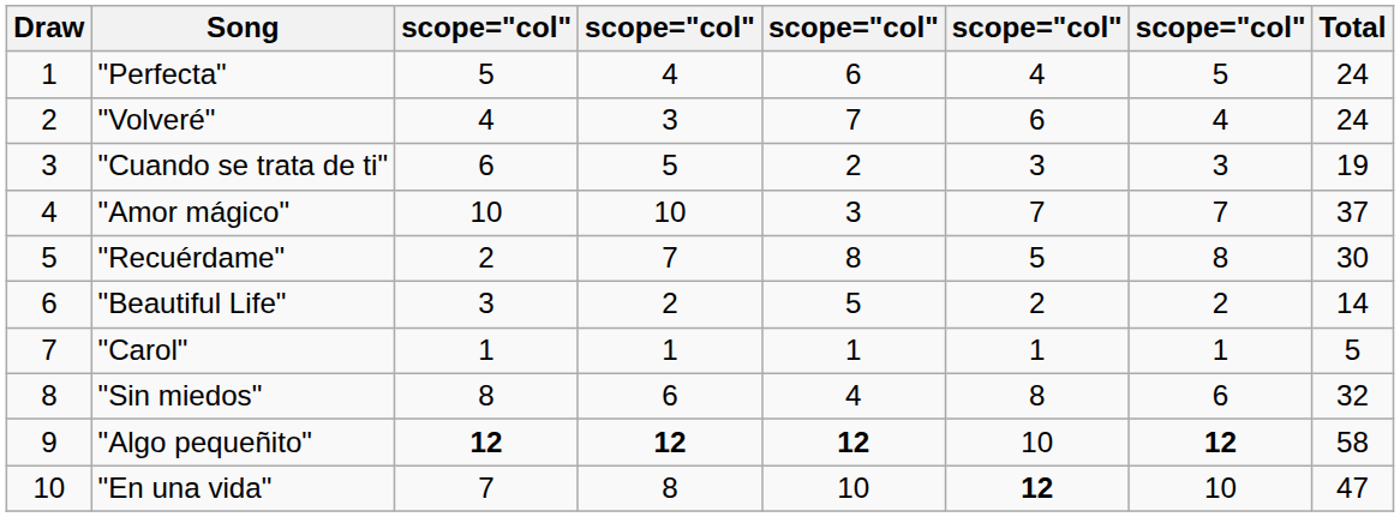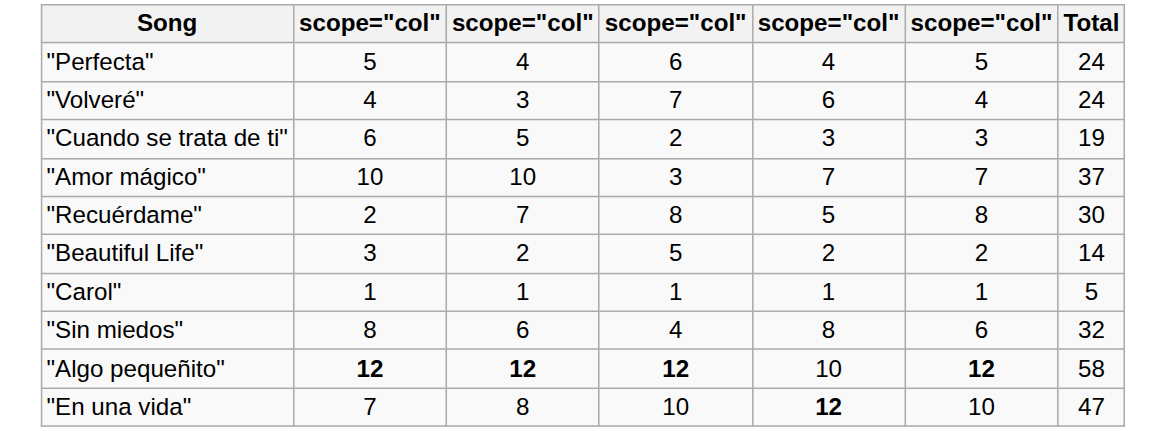 <table class="wikitable plainrowheaders" style="margin: 1em auto 1em auto; text-align:center;">
 <tr>
-<th>Draw</th>
 <th>Song</th>
 <th>scope="col" </th>
 <th>scope="col" </th>
 <th>scope="col" </th>
 <th>scope="col" </th>
 <th>scope="col" </th>
 <th>Total</th>
 </tr>
 <tr>
-<td>1</td>
 <td align="left">"Perfecta"</td>
 <td>5</td>
 <td>4</td>
 <td>6</td>
 <td>4</td>
 <td>5</td>
 <td>24</td>
 </tr>
 <tr>
-<td>2</td>
 <td align="left">"Volveré"</td>
 <td>4</td>
 <td>3</td>
 <td>7</td>
 <td>6</td>
 <td>4</td>
 <td>24</td>
 </tr>
 <tr>
-<td>3</td>
 <td align="left">"Cuando se trata de ti"</td>
 <td>6</td>
 <td>5</td>
 <td>2</td>
 <td>3</td>
 <td>3</td>
 <td>19</td>
 </tr>
 <tr>
-<td>4</td>
 <td align="left">"Amor mágico"</td>
 <td>10</td>
 <td>10</td>
 <td>3</td>
 <td>7</td>
 <td>7</td>
 <td>37</td>
 </tr>
 <tr>
-<td>5</td>
 <td align="left">"Recuérdame"</td>
 <td>2</td>
 <td>7</td>
 <td>8</td>
 <td>5</td>
 <td>8</td>
 <td>30</td>
 </tr>
 <tr>
-<td>6</td>
 <td align="left">"Beautiful Life"</td>
 <td>3</td>
 <td>2</td>
 <td>5</td>
 <td>2</td>
 <td>2</td>
 <td>14</td>
 </tr>
 <tr>
-<td>7</td>
 <td align="left">"Carol"</td>
 <td>1</td>
 <td>1</td>
 <td>1</td>
 <td>1</td>
 <td>1</td>
 <td>5</td>
 </tr>
 <tr>
-<td>8</td>
 <td align="left">"Sin miedos"</td>
 <td>8</td>
 <td>6</td>
 <td>4</td>
 <td>8</td>
 <td>6</td>
 <td>32</td>
 </tr>
 <tr>
-<td>9</td>
 <td align="left">"Algo pequeñito"</td>
 <td><strong>12</strong></td>
 <td><strong>12</strong></td>
 <td><strong>12</strong></td>
 <td>10</td>
 <td><strong>12</strong></td>
 <td>58</td>
 </tr>
 <tr>
-<td>10</td>
 <td align="left">"En una vida"</td>
 <td>7</td>
 <td>8</td>
 <td>10</td>
 <td><strong>12</strong></td>
 <td>10</td>
 <td>47</td>
 </tr>
 </table>
